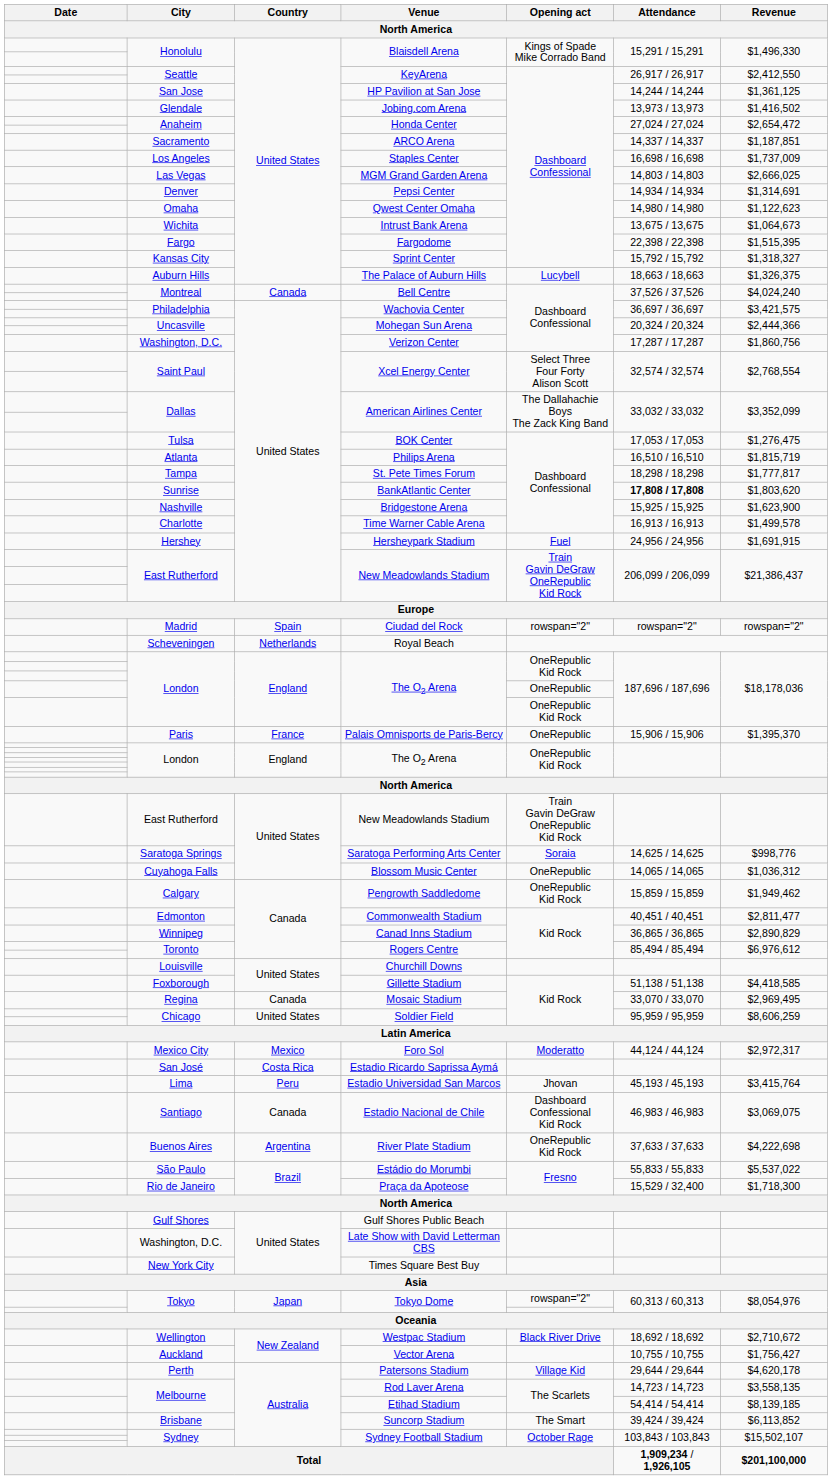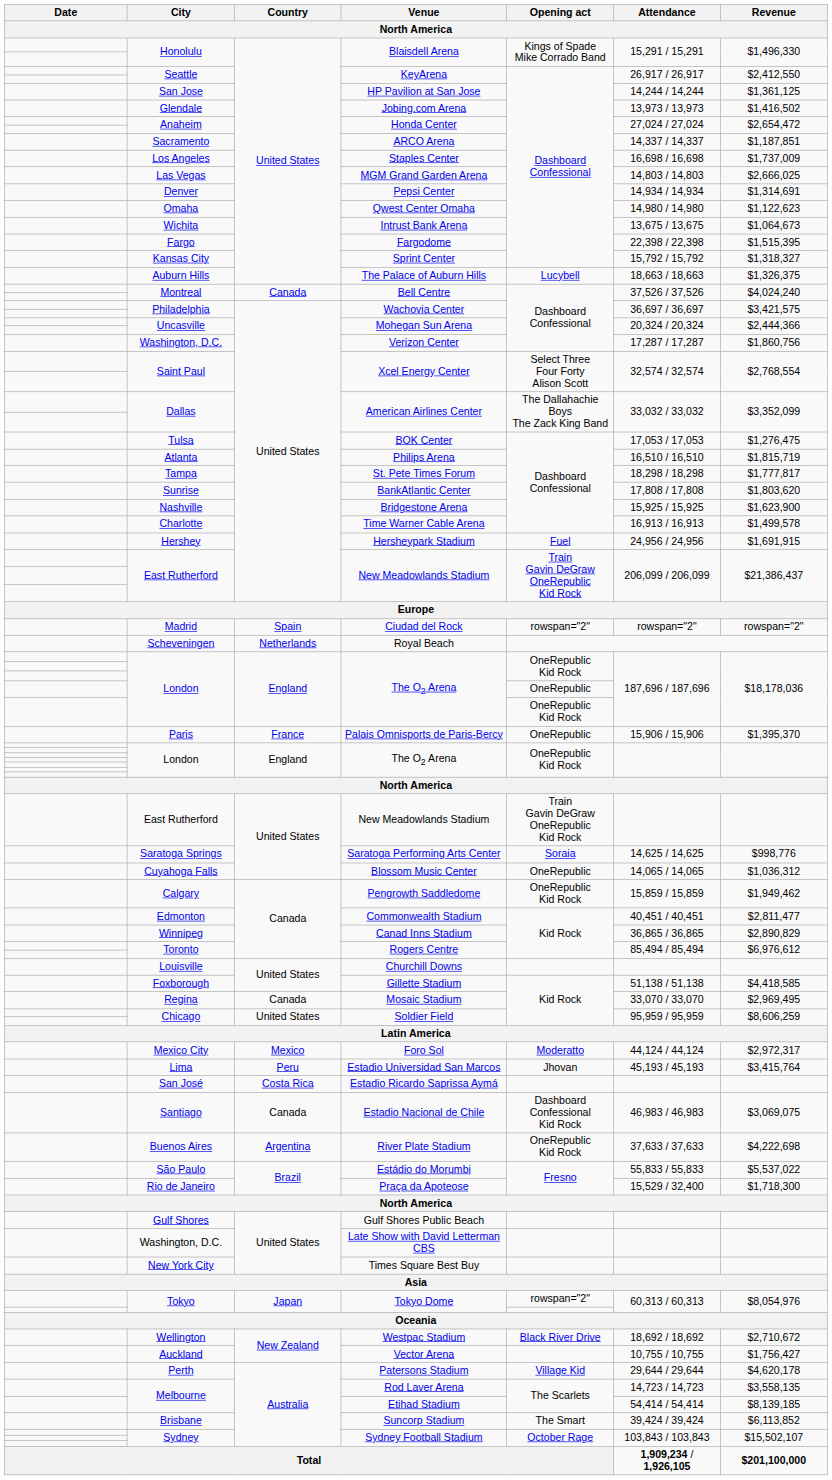 <table class="wikitable" style="text-align:center;">
 <tr>
 <th scope="col" style="width:12em;">Date</th>
 <th scope="col" style="width:10em;">City</th>
 <th scope="col" style="width:10em;">Country</th>
 <th scope="col" style="width:16em;">Venue</th>
 <th scope="col" style="width:10em;">Opening act</th>
 <th scope="col" style="width:10em;">Attendance</th>
 <th scope="col" style="width:10em;">Revenue</th>
 </tr>
 <tr>
 <th colspan="7"><strong>North America</strong></th>
 </tr>
 <tr>
 <td></td>
 <td rowspan="2"><a href='#'>Honolulu</a></td>
 <td rowspan="17"><a href='#'>United States</a></td>
 <td rowspan="2"><a href='#'>Blaisdell Arena</a></td>
 <td rowspan="2">Kings of Spade<br>Mike Corrado Band</td>
 <td rowspan="2">15,291 / 15,291</td>
 <td rowspan="2">$1,496,330</td>
 </tr>
 <tr>
 <td></td>
 </tr>
 <tr>
 <td></td>
 <td rowspan="2"><a href='#'>Seattle</a></td>
 <td rowspan="2"><a href='#'>KeyArena</a></td>
 <td rowspan="14"><a href='#'>Dashboard Confessional</a></td>
 <td rowspan="2">26,917 / 26,917</td>
 <td rowspan="2">$2,412,550</td>
 </tr>
 <tr>
 <td></td>
 </tr>
 <tr>
 <td></td>
 <td><a href='#'>San Jose</a></td>
 <td><a href='#'>HP Pavilion at San Jose</a></td>
 <td>14,244 / 14,244</td>
 <td>$1,361,125</td>
 </tr>
 <tr>
 <td></td>
 <td><a href='#'>Glendale</a></td>
 <td><a href='#'>Jobing.com Arena</a></td>
 <td>13,973 / 13,973</td>
 <td>$1,416,502</td>
 </tr>
 <tr>
 <td></td>
 <td rowspan="2"><a href='#'>Anaheim</a></td>
 <td rowspan="2"><a href='#'>Honda Center</a></td>
 <td rowspan="2">27,024 / 27,024</td>
 <td rowspan="2">$2,654,472</td>
 </tr>
 <tr>
 <td></td>
 </tr>
 <tr>
 <td></td>
 <td><a href='#'>Sacramento</a></td>
 <td><a href='#'>ARCO Arena</a></td>
 <td>14,337 / 14,337</td>
 <td>$1,187,851</td>
 </tr>
 <tr>
 <td></td>
 <td><a href='#'>Los Angeles</a></td>
 <td><a href='#'>Staples Center</a></td>
 <td>16,698 / 16,698</td>
 <td>$1,737,009</td>
 </tr>
 <tr>
 <td></td>
 <td><a href='#'>Las Vegas</a></td>
 <td><a href='#'>MGM Grand Garden Arena</a></td>
 <td>14,803 / 14,803</td>
 <td>$2,666,025</td>
 </tr>
 <tr>
 <td></td>
 <td><a href='#'>Denver</a></td>
 <td><a href='#'>Pepsi Center</a></td>
 <td>14,934 / 14,934</td>
 <td>$1,314,691</td>
 </tr>
 <tr>
 <td></td>
 <td><a href='#'>Omaha</a></td>
 <td><a href='#'>Qwest Center Omaha</a></td>
 <td>14,980 / 14,980</td>
 <td>$1,122,623</td>
 </tr>
 <tr>
 <td></td>
 <td><a href='#'>Wichita</a></td>
 <td><a href='#'>Intrust Bank Arena</a></td>
 <td>13,675 / 13,675</td>
 <td>$1,064,673</td>
 </tr>
 <tr>
 <td></td>
 <td><a href='#'>Fargo</a></td>
 <td><a href='#'>Fargodome</a></td>
 <td>22,398 / 22,398</td>
 <td>$1,515,395</td>
 </tr>
 <tr>
 <td></td>
 <td><a href='#'>Kansas City</a></td>
 <td><a href='#'>Sprint Center</a></td>
 <td>15,792 / 15,792</td>
 <td>$1,318,327</td>
 </tr>
 <tr>
 <td></td>
 <td><a href='#'>Auburn Hills</a></td>
 <td><a href='#'>The Palace of Auburn Hills</a></td>
 <td><a href='#'>Lucybell</a></td>
 <td>18,663 / 18,663</td>
 <td>$1,326,375</td>
 </tr>
 <tr>
 <td></td>
 <td rowspan="2"><a href='#'>Montreal</a></td>
 <td rowspan="2"><a href='#'>Canada</a></td>
 <td rowspan="2"><a href='#'>Bell Centre</a></td>
 <td rowspan="7">Dashboard Confessional</td>
 <td rowspan="2">37,526 / 37,526</td>
 <td rowspan="2">$4,024,240</td>
 </tr>
 <tr>
 <td></td>
 </tr>
 <tr>
 <td></td>
 <td rowspan="2"><a href='#'>Philadelphia</a></td>
 <td rowspan="19">United States</td>
 <td rowspan="2"><a href='#'>Wachovia Center</a></td>
 <td rowspan="2">36,697 / 36,697</td>
 <td rowspan="2">$3,421,575</td>
 </tr>
 <tr>
 <td></td>
 </tr>
 <tr>
 <td></td>
 <td rowspan="2"><a href='#'>Uncasville</a></td>
 <td rowspan="2"><a href='#'>Mohegan Sun Arena</a></td>
 <td rowspan="2">20,324 / 20,324</td>
 <td rowspan="2">$2,444,366</td>
 </tr>
 <tr>
 <td></td>
 </tr>
 <tr>
 <td></td>
 <td><a href='#'>Washington, D.C.</a></td>
 <td><a href='#'>Verizon Center</a></td>
 <td>17,287 / 17,287</td>
 <td>$1,860,756</td>
 </tr>
 <tr>
 <td></td>
 <td rowspan="2"><a href='#'>Saint Paul</a></td>
 <td rowspan="2"><a href='#'>Xcel Energy Center</a></td>
 <td rowspan="2">Select Three<br>Four Forty<br>Alison Scott</td>
 <td rowspan="2">32,574 / 32,574</td>
 <td rowspan="2">$2,768,554</td>
 </tr>
 <tr>
 <td></td>
 </tr>
 <tr>
 <td></td>
 <td rowspan="2"><a href='#'>Dallas</a></td>
 <td rowspan="2"><a href='#'>American Airlines Center</a></td>
 <td rowspan="2">The Dallahachie Boys<br>The Zack King Band</td>
 <td rowspan="2">33,032 / 33,032</td>
 <td rowspan="2">$3,352,099</td>
 </tr>
 <tr>
 <td></td>
 </tr>
 <tr>
 <td></td>
 <td><a href='#'>Tulsa</a></td>
 <td><a href='#'>BOK Center</a></td>
 <td rowspan="6">Dashboard Confessional</td>
 <td>17,053 / 17,053</td>
 <td>$1,276,475</td>
 </tr>
 <tr>
 <td></td>
 <td><a href='#'>Atlanta</a></td>
 <td><a href='#'>Philips Arena</a></td>
 <td>16,510 / 16,510</td>
 <td>$1,815,719</td>
 </tr>
 <tr>
 <td></td>
 <td><a href='#'>Tampa</a></td>
 <td><a href='#'>St. Pete Times Forum</a></td>
 <td>18,298 / 18,298</td>
 <td>$1,777,817</td>
 </tr>
 <tr>
 <td></td>
 <td><a href='#'>Sunrise</a></td>
 <td><a href='#'>BankAtlantic Center</a></td>
-<td><strong>17,808 / 17,808</strong></td>
+<td>17,808 / 17,808</td>
 <td>$1,803,620</td>
 </tr>
 <tr>
 <td></td>
 <td><a href='#'>Nashville</a></td>
 <td><a href='#'>Bridgestone Arena</a></td>
 <td>15,925 / 15,925</td>
 <td>$1,623,900</td>
 </tr>
 <tr>
 <td></td>
 <td><a href='#'>Charlotte</a></td>
 <td><a href='#'>Time Warner Cable Arena</a></td>
 <td>16,913 / 16,913</td>
 <td>$1,499,578</td>
 </tr>
 <tr>
 <td></td>
 <td><a href='#'>Hershey</a></td>
 <td><a href='#'>Hersheypark Stadium</a></td>
 <td><a href='#'>Fuel</a></td>
 <td>24,956 / 24,956</td>
 <td>$1,691,915</td>
 </tr>
 <tr>
 <td></td>
 <td rowspan="3"><a href='#'>East Rutherford</a></td>
 <td rowspan="3"><a href='#'>New Meadowlands Stadium</a></td>
 <td rowspan="3"><a href='#'>Train</a><br><a href='#'>Gavin DeGraw</a><br><a href='#'>OneRepublic</a><br><a href='#'>Kid Rock</a></td>
 <td rowspan="3">206,099 / 206,099</td>
 <td rowspan="3">$21,386,437</td>
 </tr>
 <tr>
 <td></td>
 </tr>
 <tr>
 <td></td>
 </tr>
 <tr>
 <th colspan="7"><strong>Europe</strong></th>
 </tr>
 <tr>
 <td></td>
 <td><a href='#'>Madrid</a></td>
 <td><a href='#'>Spain</a></td>
 <td><a href='#'>Ciudad del Rock</a></td>
 <td>rowspan="2" </td>
 <td>rowspan="2" </td>
 <td>rowspan="2" </td>
 </tr>
 <tr>
 <td></td>
 <td><a href='#'>Scheveningen</a></td>
 <td><a href='#'>Netherlands</a></td>
 <td>Royal Beach</td>
 </tr>
 <tr>
 <td></td>
 <td rowspan="5"><a href='#'>London</a></td>
 <td rowspan="5"><a href='#'>England</a></td>
 <td rowspan="5"><a href='#'>The O<sub>2</sub> Arena</a></td>
 <td rowspan="3">OneRepublic<br>Kid Rock</td>
 <td rowspan="5">187,696 / 187,696</td>
 <td rowspan="5">$18,178,036</td>
 </tr>
 <tr>
 <td></td>
 </tr>
 <tr>
 <td></td>
 </tr>
 <tr>
 <td></td>
 <td>OneRepublic</td>
 </tr>
 <tr>
 <td></td>
 <td>OneRepublic<br>Kid Rock</td>
 </tr>
 <tr>
 <td></td>
 <td><a href='#'>Paris</a></td>
 <td><a href='#'>France</a></td>
 <td><a href='#'>Palais Omnisports de Paris-Bercy</a></td>
 <td>OneRepublic</td>
 <td>15,906 / 15,906</td>
 <td>$1,395,370</td>
 </tr>
 <tr>
 <td></td>
 <td rowspan="7">London</td>
 <td rowspan="7">England</td>
 <td rowspan="7">The O<sub>2</sub> Arena</td>
 <td rowspan="7">OneRepublic<br>Kid Rock</td>
 <td rowspan="7"></td>
 <td rowspan="7"></td>
 </tr>
 <tr>
 <td></td>
 </tr>
 <tr>
 <td></td>
 </tr>
 <tr>
 <td></td>
 </tr>
 <tr>
 <td></td>
 </tr>
 <tr>
 <td></td>
 </tr>
 <tr>
 <td></td>
 </tr>
 <tr>
 <th colspan="7"><strong>North America</strong></th>
 </tr>
 <tr>
 <td></td>
 <td>East Rutherford</td>
 <td rowspan="3">United States</td>
 <td>New Meadowlands Stadium</td>
 <td>Train<br>Gavin DeGraw<br>OneRepublic<br>Kid Rock</td>
 <td></td>
 <td></td>
 </tr>
 <tr>
 <td></td>
 <td><a href='#'>Saratoga Springs</a></td>
 <td><a href='#'>Saratoga Performing Arts Center</a></td>
 <td><a href='#'>Soraia</a></td>
 <td>14,625  / 14,625</td>
 <td>$998,776</td>
 </tr>
 <tr>
 <td></td>
 <td><a href='#'>Cuyahoga Falls</a></td>
 <td><a href='#'>Blossom Music Center</a></td>
 <td>OneRepublic</td>
 <td>14,065 / 14,065</td>
 <td>$1,036,312</td>
 </tr>
 <tr>
 <td></td>
 <td><a href='#'>Calgary</a></td>
 <td rowspan="5">Canada</td>
 <td><a href='#'>Pengrowth Saddledome</a></td>
 <td>OneRepublic<br>Kid Rock</td>
 <td>15,859 / 15,859</td>
 <td>$1,949,462</td>
 </tr>
 <tr>
 <td></td>
 <td><a href='#'>Edmonton</a></td>
 <td><a href='#'>Commonwealth Stadium</a></td>
 <td rowspan="4">Kid Rock</td>
 <td>40,451 / 40,451</td>
 <td>$2,811,477</td>
 </tr>
 <tr>
 <td></td>
 <td><a href='#'>Winnipeg</a></td>
 <td><a href='#'>Canad Inns Stadium</a></td>
 <td>36,865 / 36,865</td>
 <td>$2,890,829</td>
 </tr>
 <tr>
 <td></td>
 <td rowspan="2"><a href='#'>Toronto</a></td>
 <td rowspan="2"><a href='#'>Rogers Centre</a></td>
 <td rowspan="2">85,494 / 85,494</td>
 <td rowspan="2">$6,976,612</td>
 </tr>
 <tr>
 <td></td>
 </tr>
 <tr>
 <td></td>
 <td><a href='#'>Louisville</a></td>
 <td rowspan="2">United States</td>
 <td><a href='#'>Churchill Downs</a></td>
 <td></td>
 <td></td>
 <td></td>
 </tr>
 <tr>
 <td></td>
 <td><a href='#'>Foxborough</a></td>
 <td><a href='#'>Gillette Stadium</a></td>
 <td rowspan="4">Kid Rock</td>
 <td>51,138 / 51,138</td>
 <td>$4,418,585</td>
 </tr>
 <tr>
 <td></td>
 <td><a href='#'>Regina</a></td>
 <td>Canada</td>
 <td><a href='#'>Mosaic Stadium</a></td>
 <td>33,070 / 33,070</td>
 <td>$2,969,495</td>
 </tr>
 <tr>
 <td></td>
 <td rowspan="2"><a href='#'>Chicago</a></td>
 <td rowspan="2">United States</td>
 <td rowspan="2"><a href='#'>Soldier Field</a></td>
 <td rowspan="2">95,959 / 95,959</td>
 <td rowspan="2">$8,606,259</td>
 </tr>
 <tr>
 <td></td>
 </tr>
 <tr>
 <th colspan="7"><strong>Latin America</strong></th>
 </tr>
 <tr>
 <td></td>
 <td><a href='#'>Mexico City</a></td>
 <td><a href='#'>Mexico</a></td>
 <td><a href='#'>Foro Sol</a></td>
 <td><a href='#'>Moderatto</a></td>
 <td>44,124 / 44,124</td>
 <td>$2,972,317</td>
 </tr>
 <tr>
 <td></td>
+<td><a href='#'>Lima</a></td>
+<td><a href='#'>Peru</a></td>
+<td><a href='#'>Estadio Universidad San Marcos</a></td>
+<td>Jhovan</td>
+<td>45,193 / 45,193</td>
+<td>$3,415,764</td>
+</tr>
+<tr>
+<td></td>
 <td><a href='#'>San José</a></td>
 <td><a href='#'>Costa Rica</a></td>
 <td><a href='#'>Estadio Ricardo Saprissa Aymá</a></td>
 <td></td>
 <td></td>
 <td></td>
-</tr>
-<tr>
-<td></td>
-<td><a href='#'>Lima</a></td>
-<td><a href='#'>Peru</a></td>
-<td><a href='#'>Estadio Universidad San Marcos</a></td>
-<td>Jhovan</td>
-<td>45,193 / 45,193</td>
-<td>$3,415,764</td>
 </tr>
 <tr>
 <td></td>
 <td><a href='#'>Santiago</a></td>
 <td>Canada</td>
 <td><a href='#'>Estadio Nacional de Chile</a></td>
 <td>Dashboard Confessional<br>Kid Rock</td>
 <td>46,983 / 46,983</td>
 <td>$3,069,075</td>
 </tr>
 <tr>
 <td></td>
 <td><a href='#'>Buenos Aires</a></td>
 <td><a href='#'>Argentina</a></td>
 <td><a href='#'>River Plate Stadium</a></td>
 <td>OneRepublic<br>Kid Rock</td>
 <td>37,633 / 37,633</td>
 <td>$4,222,698</td>
 </tr>
 <tr>
 <td></td>
 <td><a href='#'>São Paulo</a></td>
 <td rowspan="2"><a href='#'>Brazil</a></td>
 <td><a href='#'>Estádio do Morumbi</a></td>
 <td rowspan="2"><a href='#'>Fresno</a></td>
 <td>55,833 / 55,833</td>
 <td>$5,537,022</td>
 </tr>
 <tr>
 <td></td>
 <td><a href='#'>Rio de Janeiro</a></td>
 <td><a href='#'>Praça da Apoteose</a></td>
 <td>15,529 / 32,400</td>
 <td>$1,718,300</td>
 </tr>
 <tr>
 <th colspan="7"><strong>North America</strong></th>
 </tr>
 <tr>
 <td></td>
 <td><a href='#'>Gulf Shores</a></td>
 <td rowspan="3">United States</td>
 <td>Gulf Shores Public Beach</td>
 <td></td>
 <td></td>
 <td></td>
 </tr>
 <tr>
 <td></td>
 <td>Washington, D.C.</td>
 <td><a href='#'>Late Show with David Letterman CBS</a></td>
 <td></td>
 <td></td>
 <td></td>
 </tr>
 <tr>
 <td></td>
 <td><a href='#'>New York City</a></td>
 <td>Times Square Best Buy</td>
 <td></td>
 <td></td>
 <td></td>
 </tr>
 <tr>
 <th colspan="7"><strong>Asia</strong></th>
 </tr>
 <tr>
 <td></td>
 <td rowspan="2"><a href='#'>Tokyo</a></td>
 <td rowspan="2"><a href='#'>Japan</a></td>
 <td rowspan="2"><a href='#'>Tokyo Dome</a></td>
 <td>rowspan="2" </td>
 <td rowspan="2">60,313 / 60,313</td>
 <td rowspan="2">$8,054,976</td>
 </tr>
 <tr>
 <td></td>
 </tr>
 <tr>
 <th colspan="7"><strong>Oceania</strong></th>
 </tr>
 <tr>
 <td></td>
 <td><a href='#'>Wellington</a></td>
 <td rowspan="2"><a href='#'>New Zealand</a></td>
 <td><a href='#'>Westpac Stadium</a></td>
 <td><a href='#'>Black River Drive</a></td>
 <td>18,692 / 18,692</td>
 <td>$2,710,672</td>
 </tr>
 <tr>
 <td></td>
 <td><a href='#'>Auckland</a></td>
 <td><a href='#'>Vector Arena</a></td>
 <td></td>
 <td>10,755 / 10,755</td>
 <td>$1,756,427</td>
 </tr>
 <tr>
 <td></td>
 <td><a href='#'>Perth</a></td>
 <td rowspan="7"><a href='#'>Australia</a></td>
 <td><a href='#'>Patersons Stadium</a></td>
 <td><a href='#'>Village Kid</a></td>
 <td>29,644 / 29,644</td>
 <td>$4,620,178</td>
 </tr>
 <tr>
 <td></td>
 <td rowspan="2"><a href='#'>Melbourne</a></td>
 <td><a href='#'>Rod Laver Arena</a></td>
 <td rowspan="2">The Scarlets</td>
 <td>14,723 / 14,723</td>
 <td>$3,558,135</td>
 </tr>
 <tr>
 <td></td>
 <td><a href='#'>Etihad Stadium</a></td>
 <td>54,414 / 54,414</td>
 <td>$8,139,185</td>
 </tr>
 <tr>
 <td></td>
 <td><a href='#'>Brisbane</a></td>
 <td><a href='#'>Suncorp Stadium</a></td>
 <td>The Smart</td>
 <td>39,424 / 39,424</td>
 <td>$6,113,852</td>
 </tr>
 <tr>
 <td></td>
 <td rowspan="3"><a href='#'>Sydney</a></td>
 <td rowspan="3"><a href='#'>Sydney Football Stadium</a></td>
 <td rowspan="3"><a href='#'>October Rage</a></td>
 <td rowspan="3">103,843 / 103,843</td>
 <td rowspan="3">$15,502,107</td>
 </tr>
 <tr>
 <td></td>
 </tr>
 <tr>
 <td></td>
 </tr>
 <tr>
 <th colspan="5">Total</th>
 <td><strong>1,909,234</strong> / <strong>1,926,105</strong></td>
 <td><strong>$201,100,000</strong></td>
 </tr>
 </table>
